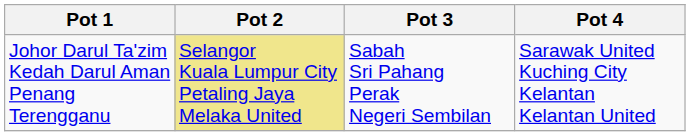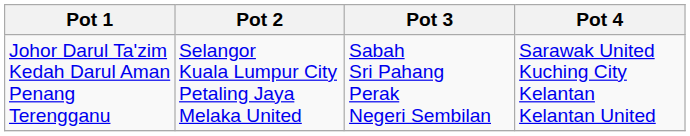 <table class=wikitable>
 <tr>
 <th width=25%>Pot 1</th>
 <th width=25%>Pot 2</th>
 <th width=25%>Pot 3</th>
 <th width=25%>Pot 4</th>
 </tr>
 <tr valign=top>
 <td rowspan=1><a href='#'>Johor Darul Ta'zim</a><br><a href='#'>Kedah Darul Aman</a><br><a href='#'>Penang</a><br><a href='#'>Terengganu</a></td>
-<td rowspan=1 style="background: khaki;"><a href='#'>Selangor</a><br><a href='#'>Kuala Lumpur City</a><br><a href='#'>Petaling Jaya</a><br><a href='#'>Melaka United</a></td>
+<td rowspan=1><a href='#'>Selangor</a><br><a href='#'>Kuala Lumpur City</a><br><a href='#'>Petaling Jaya</a><br><a href='#'>Melaka United</a></td>
 <td rowspan=1><a href='#'>Sabah</a><br><a href='#'>Sri Pahang</a><br><a href='#'>Perak</a><br><a href='#'>Negeri Sembilan</a></td>
 <td rowspan=1><a href='#'>Sarawak United</a><br><a href='#'>Kuching City</a><br><a href='#'>Kelantan</a><br><a href='#'>Kelantan United</a></td>
 </tr>
 <tr>
 </tr>
 </table>
